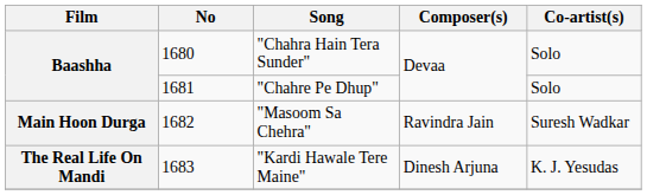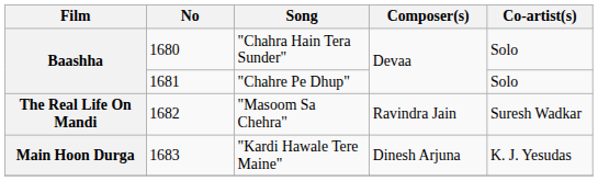 <table class="wikitable plainrowheaders" style="width:100%; textcolor:#000">
 <tr>
 <th scope="col" style="width:24%;">Film</th>
 <th>No</th>
 <th scope="col" style="width:23%;">Song</th>
 <th scope="col" style="width:20%;">Composer(s)</th>
 <th scope="col" style="width:18%;">Co-artist(s)</th>
 </tr>
 <tr>
 <th rowspan=2>Baashha</th>
 <td>1680</td>
 <td>"Chahra Hain Tera Sunder"</td>
 <td rowspan=2>Devaa</td>
 <td>Solo</td>
 </tr>
 <tr>
 <td>1681</td>
 <td>"Chahre Pe Dhup"</td>
 <td>Solo</td>
 </tr>
 <tr>
-<th>Main Hoon Durga</th>
+<th>The Real Life On Mandi</th>
 <td>1682</td>
 <td>"Masoom Sa Chehra"</td>
 <td>Ravindra Jain</td>
 <td>Suresh Wadkar</td>
 </tr>
 <tr>
-<th>The Real Life On Mandi</th>
+<th>Main Hoon Durga</th>
 <td>1683</td>
 <td>"Kardi Hawale Tere Maine"</td>
 <td>Dinesh Arjuna</td>
 <td>K. J. Yesudas</td>
 </tr>
 <tr>
 </tr>
 </table>
